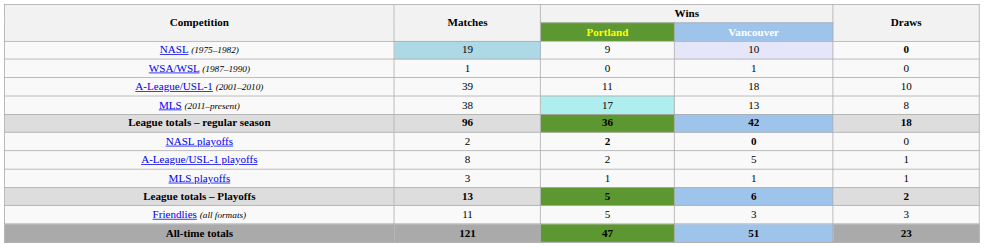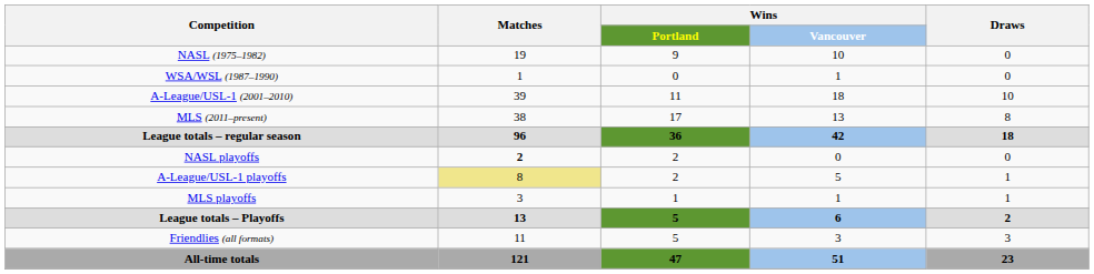 <table class="wikitable" style="font-size:90%;width:80%;text-align:center;">
 <tr>
 <th rowspan=2 width=40%>Competition</th>
 <th rowspan=2 width=15%>Matches</th>
 <th colspan=2 width=30%>Wins</th>
 <th rowspan=2 width=15%>Draws</th>
 </tr>
 <tr>
 <th style="color:yellow; background-color:#5D9731;">Portland</th>
 <th style="color:white; background-color:#9EC4EB;">Vancouver</th>
 </tr>
 <tr>
 <td><a href='#'>NASL</a> <small><em>(1975–1982)</em></small></td>
-<td style="background: lightblue;">19</td>
+<td>19</td>
 <td>9</td>
-<td style="background: lavender;">10</td>
-<td><strong>0</strong></td>
+<td>10</td>
+<td>0</td>
 </tr>
 <tr>
 <td><a href='#'>WSA/WSL</a> <small><em>(1987–1990)</em></small></td>
 <td>1</td>
 <td>0</td>
 <td>1</td>
 <td>0</td>
 </tr>
 <tr>
 <td><a href='#'>A-League/USL-1</a> <small><em>(2001–2010)</em></small></td>
 <td>39</td>
 <td>11</td>
 <td>18</td>
 <td>10</td>
 </tr>
 <tr>
 <td><a href='#'>MLS</a> <small><em>(2011–present)</em></small></td>
 <td>38</td>
-<td style="background: paleturquoise;">17</td>
+<td>17</td>
 <td>13</td>
 <td>8</td>
 </tr>
 <tr>
 <td style="text-align:center; background:#ddd;"><strong>League totals – regular season</strong></td>
 <td style="text-align:center; background:#ddd;"><strong>96</strong></td>
 <td style="text-align:center; background:#5D9731;"><span><strong>36</strong></span></td>
 <td style="text-align:center; background:#9EC4EB;"><span><strong>42</strong></span></td>
 <td style="text-align:center; background:#ddd;"><strong>18</strong></td>
 </tr>
 <tr>
 <td><a href='#'>NASL playoffs</a></td>
+<td><strong>2</strong></td>
 <td>2</td>
-<td><strong>2</strong></td>
-<td><strong>0</strong></td>
+<td>0</td>
 <td>0</td>
 </tr>
 <tr>
 <td><a href='#'>A-League/USL-1 playoffs</a></td>
-<td>8</td>
+<td style="background: khaki;">8</td>
 <td>2</td>
 <td>5</td>
 <td>1</td>
 </tr>
 <tr>
 <td><a href='#'>MLS playoffs</a></td>
 <td>3</td>
 <td>1</td>
 <td>1</td>
 <td>1</td>
 </tr>
 <tr>
 <td style="text-align:center; background:#ddd;"><strong>League totals – Playoffs</strong></td>
 <td style="text-align:center; background:#ddd;"><strong>13</strong></td>
 <td style="text-align:center; background:#5D9731;"><span><strong>5</strong></span></td>
 <td style="text-align:center; background:#9EC4EB;"><span><strong>6</strong></span></td>
 <td style="text-align:center; background:#ddd;"><strong>2</strong></td>
 </tr>
 <tr>
 <td><a href='#'>Friendlies</a> <small><em>(all formats)</em></small></td>
 <td>11</td>
 <td>5</td>
 <td>3</td>
 <td>3</td>
 </tr>
 <tr>
 <td style="text-align:center; background:#aaa;"><strong>All-time totals</strong></td>
 <td style="text-align:center; background:#aaa;"><strong>121</strong></td>
 <td style="text-align:center; background:#5D9731;"><span><strong>47</strong></span></td>
 <td style="text-align:center; background:#9EC4EB;"><span><strong>51</strong></span></td>
 <td style="text-align:center; background:#aaa;"><strong>23</strong></td>
 </tr>
 <tr>
 </tr>
 </table>
